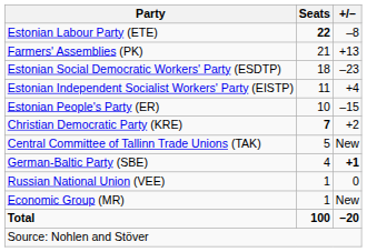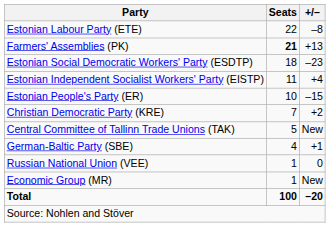 <table class="wikitable" style="text-align:right">
 <tr>
 <th>Party</th>
 <th>Seats</th>
 <th>+/–</th>
 </tr>
 <tr>
 <td align="left"><a href='#'>Estonian Labour Party</a> (ETE)</td>
-<td><strong>22</strong></td>
+<td>22</td>
 <td>–8</td>
 </tr>
 <tr>
 <td align="left"><a href='#'>Farmers' Assemblies</a> (PK)</td>
-<td>21</td>
+<td><strong>21</strong></td>
 <td>+13</td>
 </tr>
 <tr>
 <td align="left"><a href='#'>Estonian Social Democratic Workers' Party</a> (ESDTP)</td>
 <td>18</td>
 <td>–23</td>
 </tr>
 <tr>
 <td align="left"><a href='#'>Estonian Independent Socialist Workers' Party</a> (EISTP)</td>
 <td>11</td>
 <td>+4</td>
 </tr>
 <tr>
 <td align="left"><a href='#'>Estonian People's Party</a> (ER)</td>
 <td>10</td>
 <td>–15</td>
 </tr>
 <tr>
 <td align="left"><a href='#'>Christian Democratic Party</a> (KRE)</td>
-<td><strong>7</strong></td>
+<td>7</td>
 <td>+2</td>
 </tr>
 <tr>
 <td align="left"><a href='#'>Central Committee of Tallinn Trade Unions</a> (TAK)</td>
 <td>5</td>
 <td>New</td>
 </tr>
 <tr>
 <td align="left"><a href='#'>German-Baltic Party</a> (SBE)</td>
 <td>4</td>
-<td><strong>+1</strong></td>
+<td>+1</td>
 </tr>
 <tr>
 <td align="left"><a href='#'>Russian National Union</a> (VEE)</td>
 <td>1</td>
 <td>0</td>
 </tr>
 <tr>
 <td align="left"><a href='#'>Economic Group</a> (MR)</td>
 <td>1</td>
 <td>New</td>
 </tr>
 <tr>
 <td align="left"><strong>Total</strong></td>
 <td><strong>100</strong></td>
 <td><strong>–20</strong></td>
 </tr>
 <tr>
 <td colspan="3" align="left">Source: Nohlen and Stöver</td>
 </tr>
 </table>
